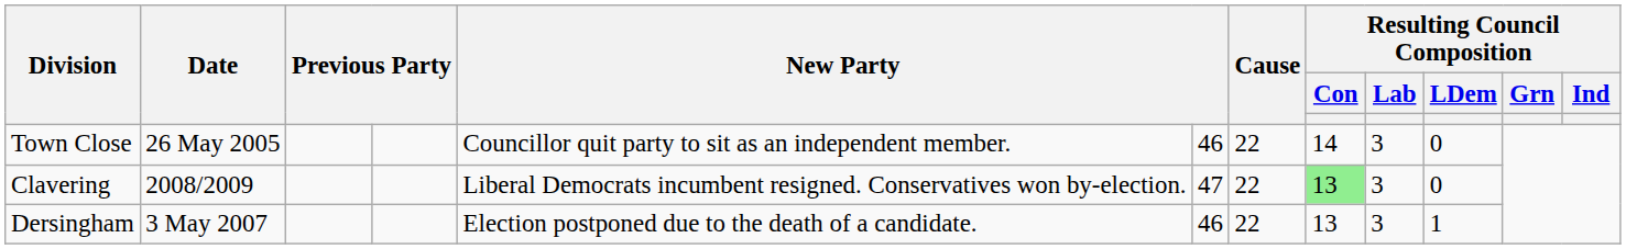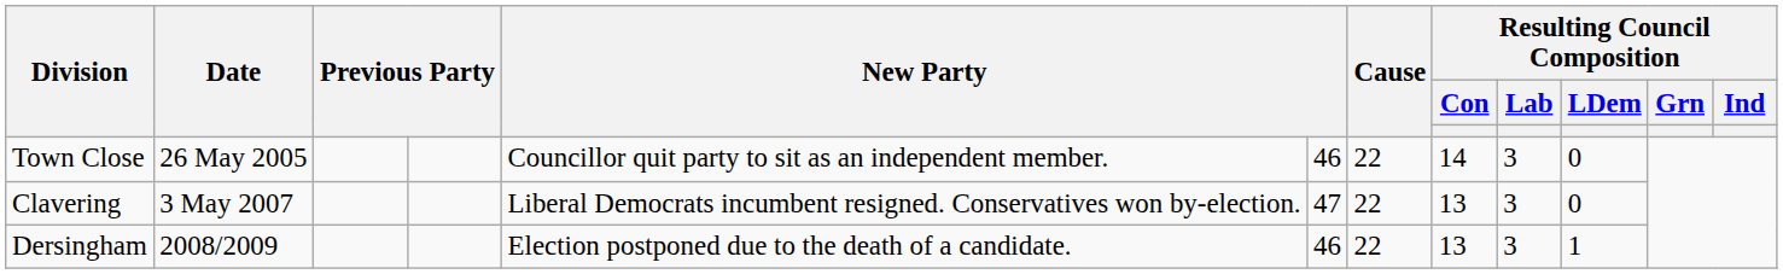 <table class="wikitable">
 <tr>
 <th !  rowspan="3">Division</th>
 <th ! rowspan="3">Date</th>
 <th !  rowspan=3  colspan=2>Previous Party</th>
 <th !  rowspan=3 colspan=2>New Party</th>
 <th ! rowspan="3">Cause</th>
 <th ! colspan="5">Resulting Council Composition</th>
 </tr>
 <tr>
 <th style="width:30px;" class="unsortable"><a href='#'>Con</a></th>
 <th style="width:30px;" class="unsortable"><a href='#'>Lab</a></th>
 <th style="width:30px;" class="unsortable"><a href='#'>LDem</a></th>
 <th style="width:30px;" class="unsortable"><a href='#'>Grn</a></th>
 <th style="width:30px;" class="unsortable"><a href='#'>Ind</a></th>
 </tr>
 <tr>
 <th class="unsortable" style="color:inherit;background:"></th>
 <th class="unsortable" style="color:inherit;background:"></th>
 <th class="unsortable" style="color:inherit;background:"></th>
 <th class="unsortable" style="color:inherit;background:"></th>
 <th class="unsortable" style="color:inherit;background:"></th>
 </tr>
 <tr>
 <td>Town Close</td>
 <td>26 May 2005</td>
 <td></td>
 <td></td>
 <td>Councillor quit party to sit as an independent member.</td>
 <td>46</td>
 <td>22</td>
 <td>14</td>
 <td>3</td>
 <td>0</td>
 </tr>
 <tr>
 <td>Clavering</td>
-<td>2008/2009</td>
+<td>3 May 2007</td>
 <td></td>
 <td></td>
 <td>Liberal Democrats incumbent resigned. Conservatives won by-election.</td>
 <td>47</td>
 <td>22</td>
-<td style="background: lightgreen;">13</td>
+<td>13</td>
 <td>3</td>
 <td>0</td>
 </tr>
 <tr>
 <td>Dersingham</td>
-<td>3 May 2007</td>
+<td>2008/2009</td>
 <td></td>
 <td></td>
 <td>Election postponed due to the death of a candidate.</td>
 <td>46</td>
 <td>22</td>
 <td>13</td>
 <td>3</td>
 <td>1</td>
 </tr>
 </table>
